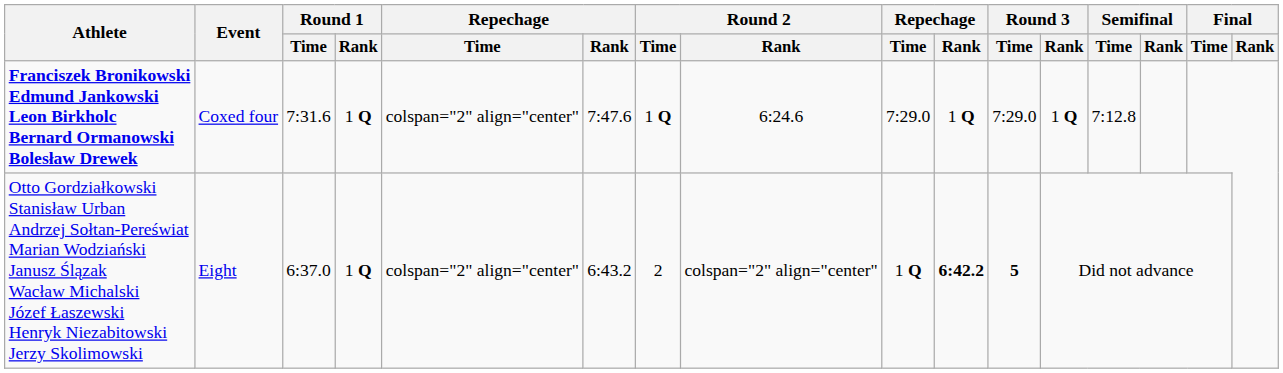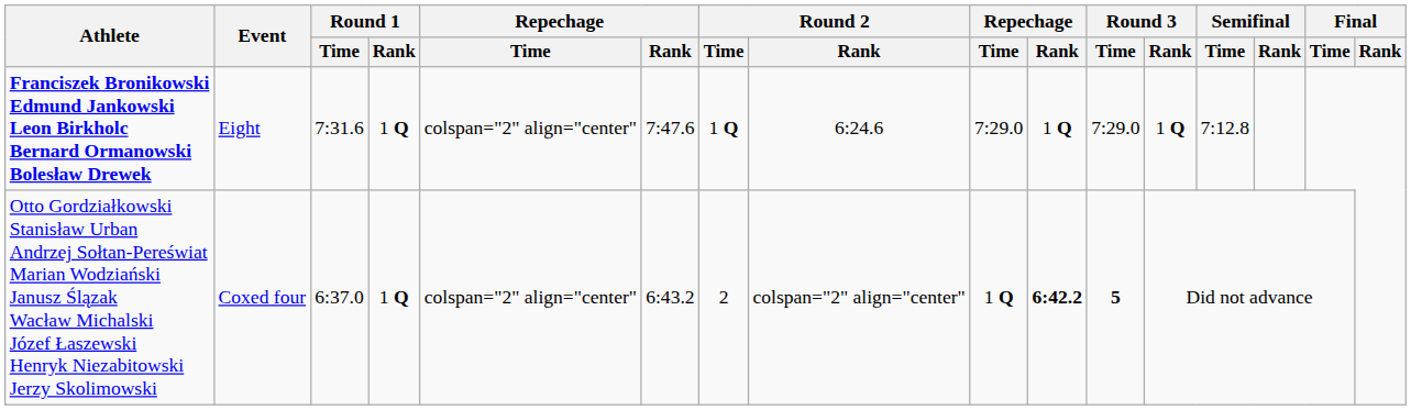 <table class="wikitable" style="font-size:90%">
 <tr>
 <th rowspan="2">Athlete</th>
 <th rowspan="2">Event</th>
 <th colspan="2">Round 1</th>
 <th colspan="2">Repechage</th>
 <th colspan="2">Round 2</th>
 <th colspan="2">Repechage</th>
 <th colspan="2">Round 3</th>
 <th colspan="2">Semifinal</th>
 <th colspan="2">Final</th>
 </tr>
 <tr style="font-size:95%">
 <th>Time</th>
 <th>Rank</th>
 <th>Time</th>
 <th>Rank</th>
 <th>Time</th>
 <th>Rank</th>
 <th>Time</th>
 <th>Rank</th>
 <th>Time</th>
 <th>Rank</th>
 <th>Time</th>
 <th>Rank</th>
 <th>Time</th>
 <th>Rank</th>
 </tr>
 <tr align=center>
 <td align=left><strong><a href='#'>Franciszek Bronikowski</a><br><a href='#'>Edmund Jankowski</a><br><a href='#'>Leon Birkholc</a><br><a href='#'>Bernard Ormanowski</a><br><a href='#'>Bolesław Drewek</a></strong></td>
-<td align=left><a href='#'>Coxed four</a></td>
+<td align=left><a href='#'>Eight</a></td>
 <td>7:31.6</td>
 <td>1 <strong>Q</strong></td>
 <td>colspan="2"  align="center" </td>
 <td>7:47.6</td>
 <td>1 <strong>Q</strong></td>
 <td>6:24.6</td>
 <td>7:29.0</td>
 <td>1 <strong>Q</strong></td>
 <td>7:29.0</td>
 <td>1 <strong>Q</strong></td>
 <td>7:12.8</td>
 <td></td>
 </tr>
 <tr align=center>
 <td align=left><a href='#'>Otto Gordziałkowski</a><br><a href='#'>Stanisław Urban</a><br><a href='#'>Andrzej Sołtan-Pereświat</a><br><a href='#'>Marian Wodziański</a><br><a href='#'>Janusz Ślązak</a><br><a href='#'>Wacław Michalski</a><br><a href='#'>Józef Łaszewski</a><br><a href='#'>Henryk Niezabitowski</a><br><a href='#'>Jerzy Skolimowski</a></td>
-<td align=left><a href='#'>Eight</a></td>
+<td align=left><a href='#'>Coxed four</a></td>
 <td>6:37.0</td>
 <td>1 <strong>Q</strong></td>
 <td>colspan="2"  align="center" </td>
 <td>6:43.2</td>
 <td>2</td>
 <td>colspan="2"  align="center" </td>
 <td>1 <strong>Q</strong></td>
 <td><strong>6:42.2</strong></td>
 <td><strong>5</strong></td>
 <td colspan=4 align=center>Did not advance</td>
 </tr>
 </table>
